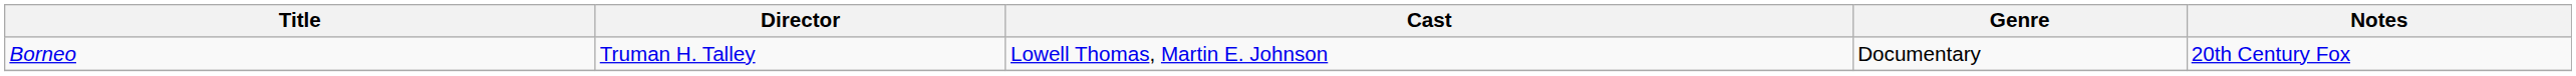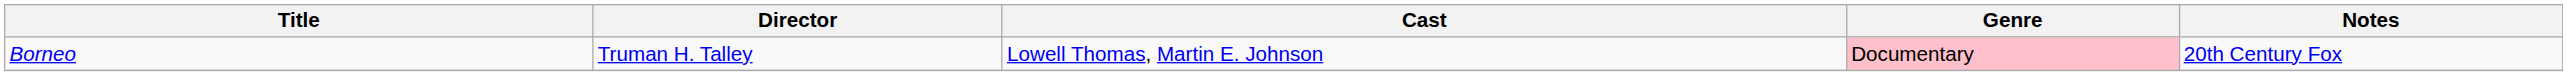 <table class="wikitable" style="width:100%;">
 <tr>
 <th style="width:23%;">Title</th>
 <th style="width:16%;">Director</th>
 <th style="width:33%;">Cast</th>
 <th style="width:13%;">Genre</th>
 <th style="width:15%;">Notes</th>
 </tr>
 <tr>
 <td><em><a href='#'>Borneo</a></em></td>
 <td><a href='#'>Truman H. Talley</a></td>
 <td><a href='#'>Lowell Thomas</a>, <a href='#'>Martin E. Johnson</a></td>
-<td>Documentary</td>
+<td style="background: pink;">Documentary</td>
 <td><a href='#'>20th Century Fox</a></td>
 </tr>
 <tr>
 </tr>
 </table>
